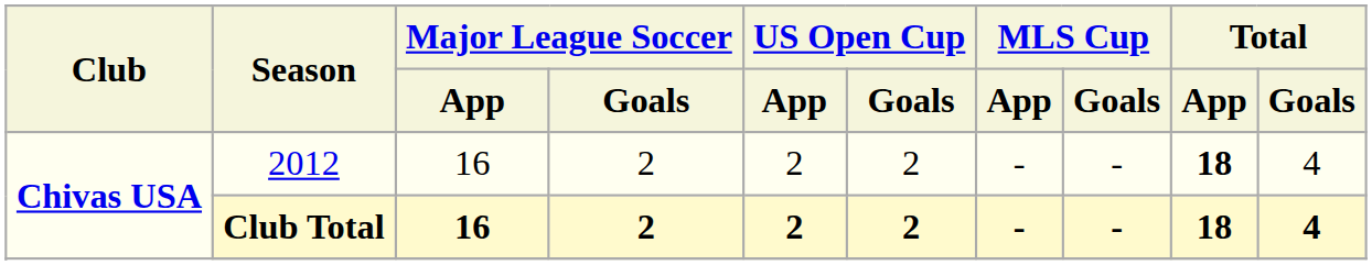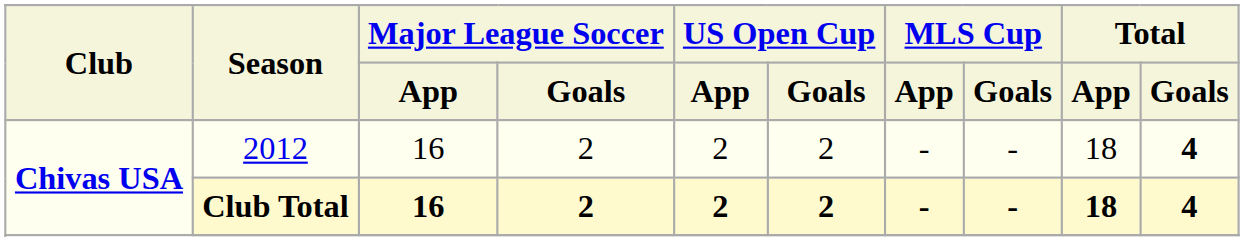 <table border=1 align=center cellpadding=4 cellspacing=2 style="background: ivory; font-size: 95%; border: 1px #aaaaaa solid; border-collapse: collapse; clear:center">
 <tr style="background:beige">
 <th rowspan="2">Club</th>
 <th rowspan="2">Season</th>
 <th colspan="2"><a href='#'>Major League Soccer</a></th>
 <th colspan="2"><a href='#'>US Open Cup</a></th>
 <th colspan="2"><a href='#'>MLS Cup</a></th>
 <th colspan="2">Total</th>
 </tr>
 <tr style="background:beige">
 <th>App</th>
 <th>Goals</th>
 <th>App</th>
 <th>Goals</th>
 <th>App</th>
 <th>Goals</th>
 <th>App</th>
 <th>Goals</th>
 </tr>
 <tr>
 <td rowspan="4" align=center valign=center><strong><a href='#'>Chivas USA</a></strong><br></td>
 <td align="center"><a href='#'>2012</a></td>
 <td align="center">16</td>
 <td align="center">2</td>
 <td align="center">2</td>
 <td align="center">2</td>
 <td align="center">-</td>
 <td align="center">-</td>
-<td align="center"><strong>18</strong></td>
-<td align="center">4</td>
+<td align="center">18</td>
+<td align="center"><strong>4</strong></td>
 </tr>
 <tr style="background:lemonchiffon">
 <th colspan="1" align="left">Club Total</th>
 <th>16</th>
 <th>2</th>
 <th>2</th>
 <th>2</th>
 <th>-</th>
 <th>-</th>
 <th>18</th>
 <th>4</th>
 </tr>
 <tr>
 </tr>
 </table>
